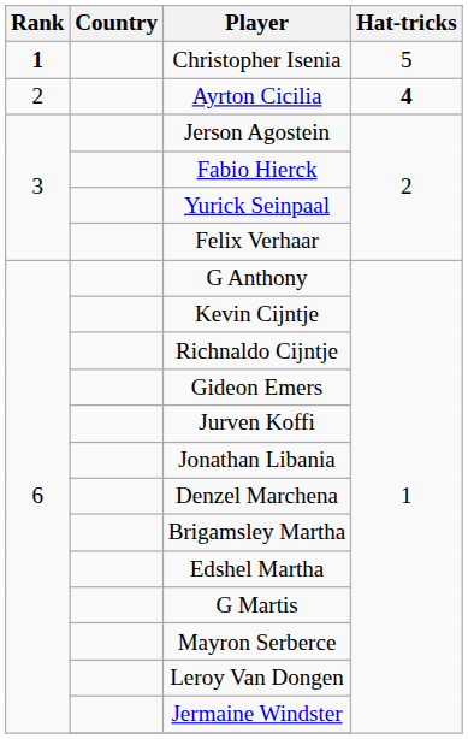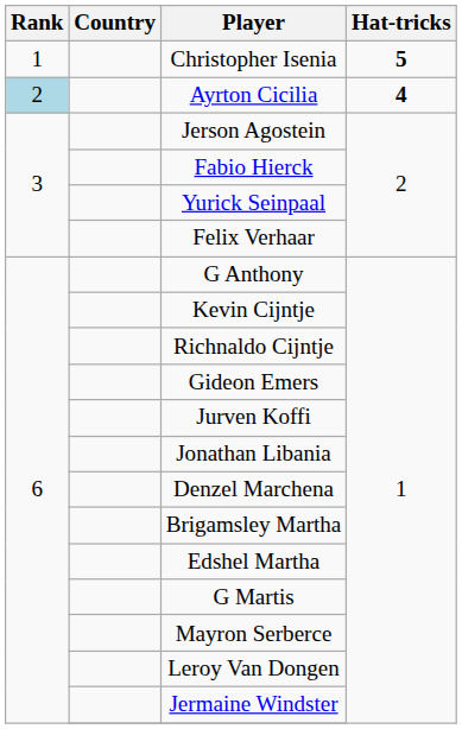 <table class="wikitable" style="text-align:center;">
 <tr>
 <th>Rank</th>
 <th>Country</th>
 <th>Player</th>
 <th>Hat-tricks</th>
 </tr>
 <tr>
-<td><strong>1</strong></td>
+<td>1</td>
 <td></td>
 <td>Christopher Isenia</td>
-<td>5</td>
+<td><strong>5</strong></td>
 </tr>
 <tr>
-<td>2</td>
+<td style="background: lightblue;">2</td>
 <td></td>
 <td><a href='#'>Ayrton Cicilia</a></td>
 <td><strong>4</strong></td>
 </tr>
 <tr>
 <td rowspan=4>3</td>
 <td></td>
 <td>Jerson Agostein</td>
 <td rowspan=4>2</td>
 </tr>
 <tr>
 <td></td>
 <td><a href='#'>Fabio Hierck</a></td>
 </tr>
 <tr>
 <td></td>
 <td><a href='#'>Yurick Seinpaal</a></td>
 </tr>
 <tr>
 <td></td>
 <td>Felix Verhaar</td>
 </tr>
 <tr>
 <td rowspan=15>6</td>
 <td></td>
 <td>G Anthony</td>
 <td rowspan=15>1</td>
 </tr>
 <tr>
 <td></td>
 <td>Kevin Cijntje</td>
 </tr>
 <tr>
 <td></td>
 <td>Richnaldo Cijntje</td>
 </tr>
 <tr>
 <td></td>
 <td>Gideon Emers</td>
 </tr>
 <tr>
 <td></td>
 <td>Jurven Koffi</td>
 </tr>
 <tr>
 <td></td>
 <td>Jonathan Libania</td>
 </tr>
 <tr>
 <td></td>
 <td>Denzel Marchena</td>
 </tr>
 <tr>
 <td></td>
 <td>Brigamsley Martha</td>
 </tr>
 <tr>
 <td></td>
 <td>Edshel Martha</td>
 </tr>
 <tr>
 <td></td>
 <td>G Martis</td>
 </tr>
 <tr>
 <td></td>
 <td>Mayron Serberce</td>
 </tr>
 <tr>
 <td></td>
 <td>Leroy Van Dongen</td>
 </tr>
 <tr>
 <td></td>
 <td><a href='#'>Jermaine Windster</a></td>
 </tr>
 <tr>
 </tr>
 </table>
